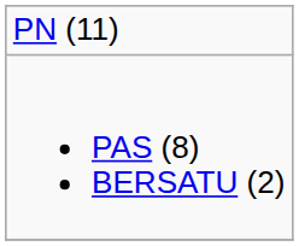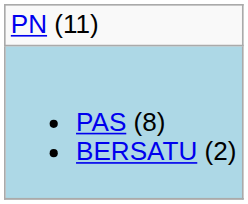 <table class="wikitable">
 <tr>
 <td> <a href='#'>PN</a> (11)</td>
 </tr>
 <tr>
-<td><br><ul><li> <a href='#'>PAS</a> (8)</li><li> <a href='#'>BERSATU</a> (2)</li></ul></td>
+<td style="background: lightblue;"><br><ul><li> <a href='#'>PAS</a> (8)</li><li> <a href='#'>BERSATU</a> (2)</li></ul></td>
 </tr>
 <tr>
 </tr>
 </table>
